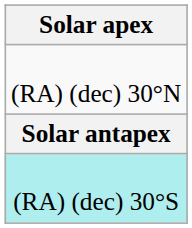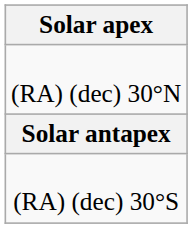 <table class=wikitable align=right>
 <tr>
 <th>Solar apex</th>
 </tr>
 <tr align=center valign=top>
 <td><br>(RA)  (dec) 30°N</td>
 </tr>
 <tr>
 <th>Solar antapex</th>
 </tr>
 <tr align=center valign=top>
-<td style="background: paleturquoise;"><br>(RA)  (dec) 30°S</td>
+<td><br>(RA)  (dec) 30°S</td>
 </tr>
 </table>
